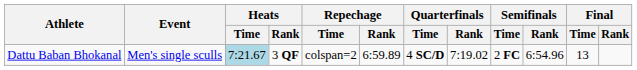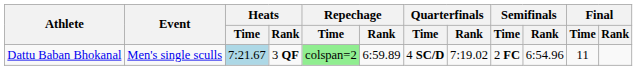 <table class="wikitable" style="font-size:90%">
 <tr>
 <th rowspan=2>Athlete</th>
 <th rowspan=2>Event</th>
 <th colspan="2">Heats</th>
 <th colspan="2">Repechage</th>
 <th colspan=2>Quarterfinals</th>
 <th colspan="2">Semifinals</th>
 <th colspan="2">Final</th>
 </tr>
 <tr style="font-size:95%">
 <th>Time</th>
 <th>Rank</th>
 <th>Time</th>
 <th>Rank</th>
 <th>Time</th>
 <th>Rank</th>
 <th>Time</th>
 <th>Rank</th>
 <th>Time</th>
 <th>Rank</th>
 </tr>
 <tr align=center>
 <td align=left><a href='#'>Dattu Baban Bhokanal</a></td>
 <td align=left><a href='#'>Men's single sculls</a></td>
 <td style="background: lightblue;">7:21.67</td>
 <td>3 <strong>QF</strong></td>
-<td>colspan=2 </td>
+<td style="background: lightgreen;">colspan=2 </td>
 <td>6:59.89</td>
 <td>4 <strong>SC/D</strong></td>
 <td>7:19.02</td>
 <td>2 <strong>FC</strong></td>
 <td>6:54.96</td>
-<td>13</td>
+<td>11</td>
 </tr>
 </table>
